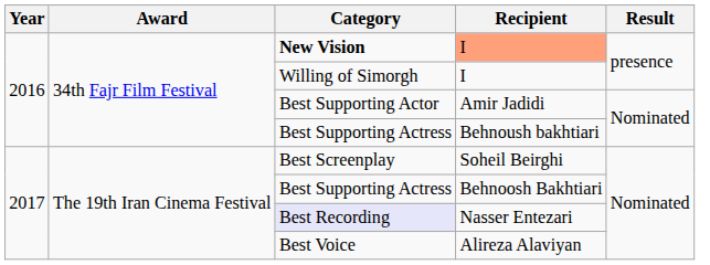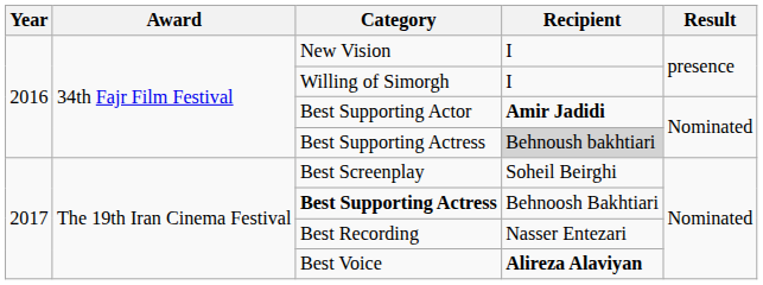 <table class="wikitable sortable">
 <tr>
 <th>Year</th>
 <th>Award</th>
 <th>Category</th>
 <th>Recipient</th>
 <th>Result</th>
 </tr>
 <tr>
 <td rowspan="4">2016</td>
 <td rowspan="4">34th <a href='#'>Fajr Film Festival</a></td>
-<td><strong>New Vision</strong></td>
-<td I style="background: lightsalmon;">I</td>
+<td>New Vision</td>
+<td I>I</td>
 <td rowspan="2">presence</td>
 </tr>
 <tr>
 <td>Willing of Simorgh</td>
 <td I>I</td>
 </tr>
 <tr>
 <td>Best Supporting Actor</td>
-<td Amir Jadidi>Amir Jadidi</td>
+<td Amir Jadidi><strong>Amir Jadidi</strong></td>
 <td rowspan="2">Nominated</td>
 </tr>
 <tr>
 <td>Best Supporting Actress</td>
-<td>Behnoush bakhtiari</td>
+<td style="background: lightgrey;">Behnoush bakhtiari</td>
 </tr>
 <tr>
 <td rowspan="4">2017</td>
 <td rowspan="4">The 19th Iran Cinema Festival</td>
 <td>Best Screenplay</td>
 <td>Soheil Beirghi</td>
 <td rowspan="4">Nominated</td>
 </tr>
 <tr>
-<td>Best Supporting Actress</td>
+<td><strong>Best Supporting Actress</strong></td>
 <td>Behnoosh Bakhtiari</td>
 </tr>
 <tr>
-<td style="background: lavender;">Best Recording</td>
+<td>Best Recording</td>
 <td>Nasser Entezari</td>
 </tr>
 <tr>
 <td>Best Voice</td>
-<td>Alireza Alaviyan</td>
+<td><strong>Alireza Alaviyan</strong></td>
 </tr>
 </table>
